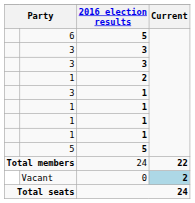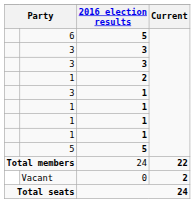 <table class="wikitable" style="text-align:right">
 <tr>
 </tr>
 <tr>
 <th colspan=2 style="text-align:center;">Party</th>
 <th><a href='#'>2016 election<br>results</a></th>
 <th>Current</th>
 </tr>
 <tr>
 <td></td>
 <td>6</td>
 <td><strong>5</strong></td>
 </tr>
 <tr>
 <td></td>
 <td>3</td>
 <td><strong>3</strong></td>
 </tr>
 <tr>
 <td></td>
 <td>3</td>
 <td><strong>3</strong></td>
 </tr>
 <tr>
 <td></td>
 <td>1</td>
 <td><strong>2</strong></td>
 </tr>
 <tr>
 <td></td>
 <td>3</td>
 <td><strong>1</strong></td>
 </tr>
 <tr>
 <td></td>
 <td>1</td>
 <td><strong>1</strong></td>
 </tr>
 <tr>
 <td></td>
 <td>1</td>
 <td><strong>1</strong></td>
 </tr>
 <tr>
 <td></td>
 <td>1</td>
 <td><strong>1</strong></td>
 </tr>
 <tr>
 <td></td>
 <td>5</td>
 <td><strong>5</strong></td>
 </tr>
 <tr>
 <td colspan="2" rowspan="1"><strong>Total members</strong></td>
 <td>24</td>
 <td><strong>22</strong></td>
 </tr>
 <tr>
 <td bgcolor="#FFFFFF"> </td>
 <td style="text-align:left;">Vacant</td>
 <td>0</td>
-<td style="background: lightblue;"><strong>2</strong></td>
+<td><strong>2</strong></td>
 </tr>
 <tr>
 <td colspan="2" rowspan="1"><strong>Total seats</strong></td>
 <td colspan="2"><strong>24</strong></td>
 </tr>
 </table>
